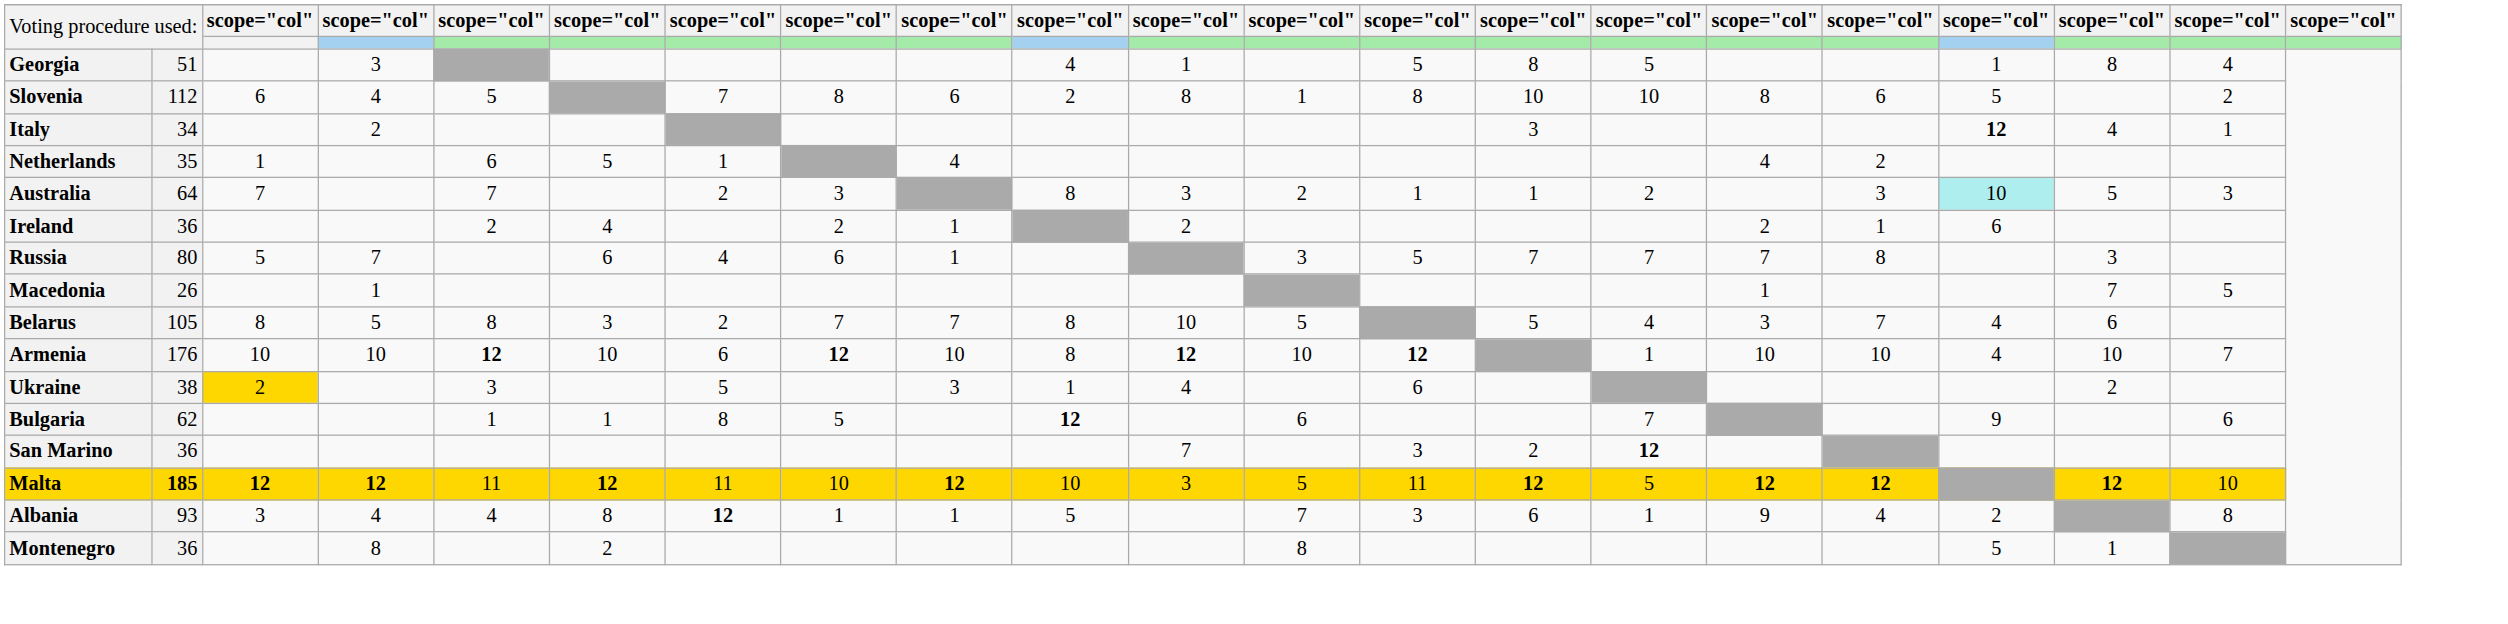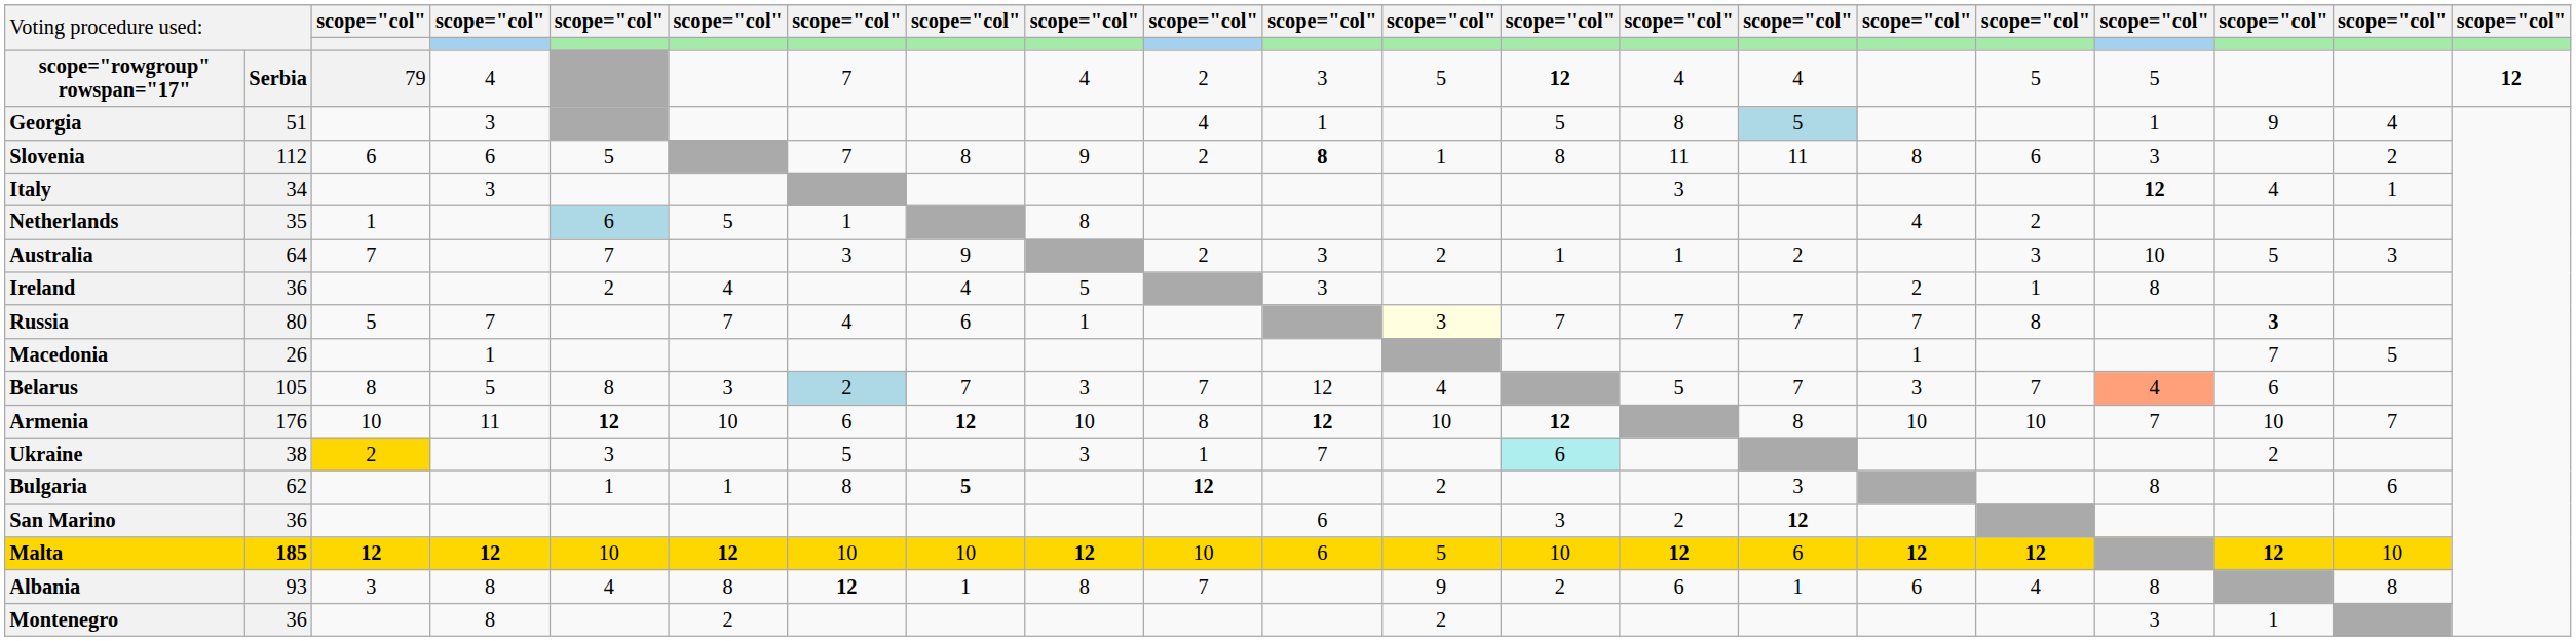 <table class="wikitable plainrowheaders" style="text-align:center;">
 <tr>
 </tr>
 <tr>
 <td colspan="2" rowspan="2" style="text-align:left; background:#F2F2F2">Voting procedure used:<br></td>
 <th>scope="col" </th>
 <th>scope="col" </th>
 <th>scope="col" </th>
 <th>scope="col" </th>
 <th>scope="col" </th>
 <th>scope="col" </th>
 <th>scope="col" </th>
 <th>scope="col" </th>
 <th>scope="col" </th>
 <th>scope="col" </th>
 <th>scope="col" </th>
 <th>scope="col" </th>
 <th>scope="col" </th>
 <th>scope="col" </th>
 <th>scope="col" </th>
 <th>scope="col" </th>
 <th>scope="col" </th>
 <th>scope="col" </th>
 <th>scope="col" </th>
 </tr>
 <tr>
 <th style="height:2px; border-top:1px solid transparent;"></th>
 <th style="background:#A4D1EF;"></th>
 <th style="background:#A4EAA9;"></th>
 <th style="background:#A4EAA9;"></th>
 <th style="background:#A4EAA9;"></th>
 <th style="background:#A4EAA9;"></th>
 <th style="background:#A4EAA9;"></th>
 <th style="background:#A4D1EF;"></th>
 <th style="background:#A4EAA9;"></th>
 <th style="background:#A4EAA9;"></th>
 <th style="background:#A4EAA9;"></th>
 <th style="background:#A4EAA9;"></th>
 <th style="background:#A4EAA9;"></th>
 <th style="background:#A4EAA9;"></th>
 <th style="background:#A4EAA9;"></th>
 <th style="background:#A4D1EF;"></th>
 <th style="background:#A4EAA9;"></th>
 <th style="background:#A4EAA9;"></th>
 <th style="background:#A4EAA9;"></th>
 </tr>
 <tr>
+<th>scope="rowgroup" rowspan="17" </th>
+<th scope="row" style="text-align:left; background:#f2f2f2;">Serbia</th>
+<td style="text-align:right; background:#f2f2f2;">79</td>
+<td>4</td>
+<td style="text-align:left; background:#aaa;"></td>
+<td></td>
+<td>7</td>
+<td></td>
+<td>4</td>
+<td>2</td>
+<td>3</td>
+<td>5</td>
+<td><strong>12</strong></td>
+<td>4</td>
+<td>4</td>
+<td></td>
+<td>5</td>
+<td>5</td>
+<td></td>
+<td></td>
+<td><strong>12</strong></td>
+</tr>
+<tr>
 <th scope="row" style="text-align:left; background:#f2f2f2;">Georgia</th>
 <td style="text-align:right; background:#f2f2f2;">51</td>
 <td></td>
 <td>3</td>
 <td style="text-align:left; background:#aaa;"></td>
 <td></td>
 <td></td>
 <td></td>
 <td></td>
 <td>4</td>
 <td>1</td>
 <td></td>
 <td>5</td>
 <td>8</td>
-<td>5</td>
+<td style="background: lightblue;">5</td>
 <td></td>
 <td></td>
 <td>1</td>
-<td>8</td>
+<td>9</td>
 <td>4</td>
 </tr>
 <tr>
 <th scope="row" style="text-align:left; background:#f2f2f2;">Slovenia</th>
 <td style="text-align:right; background:#f2f2f2;">112</td>
 <td>6</td>
-<td>4</td>
+<td>6</td>
 <td>5</td>
 <td style="text-align:left; background:#aaa;"></td>
 <td>7</td>
 <td>8</td>
-<td>6</td>
+<td>9</td>
 <td>2</td>
-<td>8</td>
+<td><strong>8</strong></td>
 <td>1</td>
 <td>8</td>
-<td>10</td>
-<td>10</td>
+<td>11</td>
+<td>11</td>
 <td>8</td>
 <td>6</td>
-<td>5</td>
+<td>3</td>
 <td></td>
 <td>2</td>
 </tr>
 <tr>
 <th scope="row" style="text-align:left; background:#f2f2f2;">Italy</th>
 <td style="text-align:right; background:#f2f2f2;">34</td>
 <td></td>
-<td>2</td>
+<td>3</td>
 <td></td>
 <td></td>
 <td style="text-align:left; background:#aaa;"></td>
 <td></td>
 <td></td>
 <td></td>
 <td></td>
 <td></td>
 <td></td>
 <td>3</td>
 <td></td>
 <td></td>
 <td></td>
 <td><strong>12</strong></td>
 <td>4</td>
 <td>1</td>
 </tr>
 <tr>
 <th scope="row" style="text-align:left; background:#f2f2f2;">Netherlands</th>
 <td style="text-align:right; background:#f2f2f2;">35</td>
 <td>1</td>
 <td></td>
-<td>6</td>
+<td style="background: lightblue;">6</td>
 <td>5</td>
 <td>1</td>
 <td style="text-align:left; background:#aaa;"></td>
-<td>4</td>
+<td>8</td>
 <td></td>
 <td></td>
 <td></td>
 <td></td>
 <td></td>
 <td></td>
 <td>4</td>
 <td>2</td>
 <td></td>
 <td></td>
 <td></td>
 </tr>
 <tr>
 <th scope="row" style="text-align:left; background:#f2f2f2;">Australia</th>
 <td style="text-align:right; background:#f2f2f2;">64</td>
 <td>7</td>
 <td></td>
 <td>7</td>
 <td></td>
+<td>3</td>
+<td>9</td>
+<td style="text-align:left; background:#aaa;"></td>
 <td>2</td>
-<td>3</td>
-<td style="text-align:left; background:#aaa;"></td>
-<td>8</td>
 <td>3</td>
 <td>2</td>
 <td>1</td>
 <td>1</td>
 <td>2</td>
 <td></td>
 <td>3</td>
-<td style="background: paleturquoise;">10</td>
+<td>10</td>
 <td>5</td>
 <td>3</td>
 </tr>
 <tr>
 <th scope="row" style="text-align:left; background:#f2f2f2;">Ireland</th>
 <td style="text-align:right; background:#f2f2f2;">36</td>
 <td></td>
 <td></td>
 <td>2</td>
 <td>4</td>
 <td></td>
-<td>2</td>
-<td>1</td>
+<td>4</td>
+<td>5</td>
 <td style="text-align:left; background:#aaa;"></td>
-<td>2</td>
+<td>3</td>
 <td></td>
 <td></td>
 <td></td>
 <td></td>
 <td>2</td>
 <td>1</td>
-<td>6</td>
+<td>8</td>
 <td></td>
 <td></td>
 </tr>
 <tr>
 <th scope="row" style="text-align:left; background:#f2f2f2;">Russia</th>
 <td style="text-align:right; background:#f2f2f2;">80</td>
 <td>5</td>
 <td>7</td>
 <td></td>
-<td>6</td>
+<td>7</td>
 <td>4</td>
 <td>6</td>
 <td>1</td>
 <td></td>
 <td style="text-align:left; background:#aaa;"></td>
-<td>3</td>
-<td>5</td>
+<td style="background: lightyellow;">3</td>
+<td>7</td>
 <td>7</td>
 <td>7</td>
 <td>7</td>
 <td>8</td>
 <td></td>
-<td>3</td>
+<td><strong>3</strong></td>
 <td></td>
 </tr>
 <tr>
 <th scope="row" style="text-align:left; background:#f2f2f2;">Macedonia</th>
 <td style="text-align:right; background:#f2f2f2;">26</td>
 <td></td>
 <td>1</td>
 <td></td>
 <td></td>
 <td></td>
 <td></td>
 <td></td>
 <td></td>
 <td></td>
 <td style="text-align:left; background:#aaa;"></td>
 <td></td>
 <td></td>
 <td></td>
 <td>1</td>
 <td></td>
 <td></td>
 <td>7</td>
 <td>5</td>
 </tr>
 <tr>
 <th scope="row" style="text-align:left; background:#f2f2f2;">Belarus</th>
 <td style="text-align:right; background:#f2f2f2;">105</td>
 <td>8</td>
 <td>5</td>
 <td>8</td>
 <td>3</td>
-<td>2</td>
+<td style="background: lightblue;">2</td>
 <td>7</td>
+<td>3</td>
 <td>7</td>
-<td>8</td>
-<td>10</td>
-<td>5</td>
+<td>12</td>
+<td>4</td>
 <td style="text-align:left; background:#aaa;"></td>
 <td>5</td>
-<td>4</td>
+<td>7</td>
 <td>3</td>
 <td>7</td>
-<td>4</td>
+<td style="background: lightsalmon;">4</td>
 <td>6</td>
 <td></td>
 </tr>
 <tr>
 <th scope="row" style="text-align:left; background:#f2f2f2;">Armenia</th>
 <td style="text-align:right; background:#f2f2f2;">176</td>
 <td>10</td>
-<td>10</td>
+<td>11</td>
 <td><strong>12</strong></td>
 <td>10</td>
 <td>6</td>
 <td><strong>12</strong></td>
 <td>10</td>
 <td>8</td>
 <td><strong>12</strong></td>
 <td>10</td>
 <td><strong>12</strong></td>
 <td style="text-align:left; background:#aaa;"></td>
-<td>1</td>
+<td>8</td>
 <td>10</td>
 <td>10</td>
-<td>4</td>
+<td>7</td>
 <td>10</td>
 <td>7</td>
 </tr>
 <tr>
 <th scope="row" style="text-align:left; background:#f2f2f2;">Ukraine</th>
 <td style="text-align:right; background:#f2f2f2;">38</td>
 <td style="background: gold;">2</td>
 <td></td>
 <td>3</td>
 <td></td>
 <td>5</td>
 <td></td>
 <td>3</td>
 <td>1</td>
-<td>4</td>
+<td>7</td>
 <td></td>
-<td>6</td>
+<td style="background: paleturquoise;">6</td>
 <td></td>
 <td style="text-align:left; background:#aaa;"></td>
 <td></td>
 <td></td>
 <td></td>
 <td>2</td>
 <td></td>
 </tr>
 <tr>
 <th scope="row" style="text-align:left; background:#f2f2f2;">Bulgaria</th>
 <td style="text-align:right; background:#f2f2f2;">62</td>
 <td></td>
 <td></td>
 <td>1</td>
 <td>1</td>
 <td>8</td>
-<td>5</td>
+<td><strong>5</strong></td>
 <td></td>
 <td><strong>12</strong></td>
 <td></td>
-<td>6</td>
+<td>2</td>
 <td></td>
 <td></td>
-<td>7</td>
+<td>3</td>
 <td style="text-align:left; background:#aaa;"></td>
 <td></td>
-<td>9</td>
+<td>8</td>
 <td></td>
 <td>6</td>
 </tr>
 <tr>
 <th scope="row" style="text-align:left; background:#f2f2f2;">San Marino</th>
 <td style="text-align:right; background:#f2f2f2;">36</td>
 <td></td>
 <td></td>
 <td></td>
 <td></td>
 <td></td>
 <td></td>
 <td></td>
 <td></td>
-<td>7</td>
+<td>6</td>
 <td></td>
 <td>3</td>
 <td>2</td>
 <td><strong>12</strong></td>
 <td></td>
 <td style="text-align:left; background:#aaa;"></td>
 <td></td>
 <td></td>
 <td></td>
 </tr>
 <tr style="background:gold;">
 <th scope="row" style="text-align:left; font-weight:bold; background:gold;">Malta</th>
 <td style="text-align:right; font-weight:bold;">185</td>
 <td><strong>12</strong></td>
 <td><strong>12</strong></td>
-<td>11</td>
-<td><strong>12</strong></td>
-<td>11</td>
 <td>10</td>
 <td><strong>12</strong></td>
 <td>10</td>
-<td>3</td>
+<td>10</td>
+<td><strong>12</strong></td>
+<td>10</td>
+<td>6</td>
 <td>5</td>
-<td>11</td>
+<td>10</td>
 <td><strong>12</strong></td>
-<td>5</td>
+<td>6</td>
 <td><strong>12</strong></td>
 <td><strong>12</strong></td>
 <td style="text-align:left; background:#aaa;"></td>
 <td><strong>12</strong></td>
 <td>10</td>
 </tr>
 <tr>
 <th scope="row" style="text-align:left; background:#f2f2f2;">Albania</th>
 <td style="text-align:right; background:#f2f2f2;">93</td>
 <td>3</td>
-<td>4</td>
+<td>8</td>
 <td>4</td>
 <td>8</td>
 <td><strong>12</strong></td>
 <td>1</td>
-<td>1</td>
-<td>5</td>
+<td>8</td>
+<td>7</td>
 <td></td>
-<td>7</td>
-<td>3</td>
+<td>9</td>
+<td>2</td>
 <td>6</td>
 <td>1</td>
-<td>9</td>
+<td>6</td>
 <td>4</td>
-<td>2</td>
+<td>8</td>
 <td style="text-align:left; background:#aaa;"></td>
 <td>8</td>
 </tr>
 <tr>
 <th scope="row" style="text-align:left; background:#f2f2f2;">Montenegro</th>
 <td style="text-align:right; background:#f2f2f2;">36</td>
 <td></td>
 <td>8</td>
 <td></td>
 <td>2</td>
 <td></td>
 <td></td>
 <td></td>
 <td></td>
 <td></td>
-<td>8</td>
+<td>2</td>
 <td></td>
 <td></td>
 <td></td>
 <td></td>
 <td></td>
-<td>5</td>
+<td>3</td>
 <td>1</td>
 <td style="text-align:left; background:#aaa;"></td>
 </tr>
 </table>
